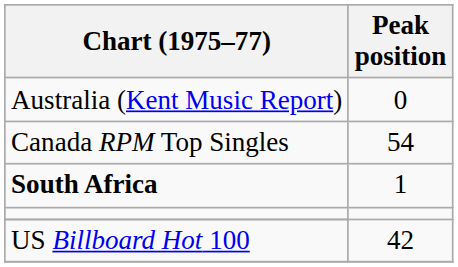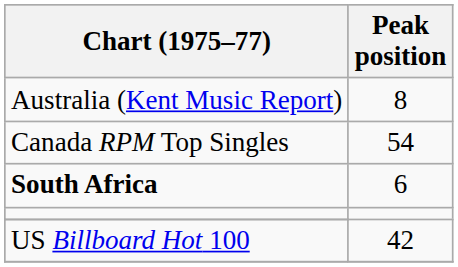 <table class="wikitable sortable">
 <tr>
 <th>Chart (1975–77)</th>
 <th>Peak<br>position</th>
 </tr>
 <tr>
 <td>Australia (<a href='#'>Kent Music Report</a>)</td>
-<td style="text-align:center;">0</td>
+<td style="text-align:center;">8</td>
 </tr>
 <tr>
 <td>Canada <em>RPM</em> Top Singles </td>
 <td style="text-align:center;">54</td>
 </tr>
 <tr>
 <td><strong>South Africa </strong></td>
-<td style="text-align:center;">1</td>
+<td style="text-align:center;">6</td>
 </tr>
 <tr>
 <td></td>
 </tr>
 <tr>
 </tr>
 <tr>
 <td>US <a href='#'><em>Billboard Hot</em> 100</a></td>
 <td style="text-align:center;">42</td>
 </tr>
 <tr>
 </tr>
 </table>
